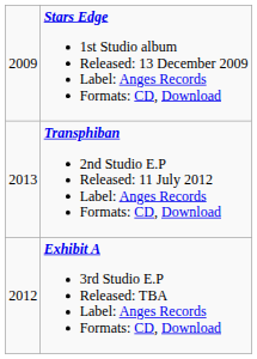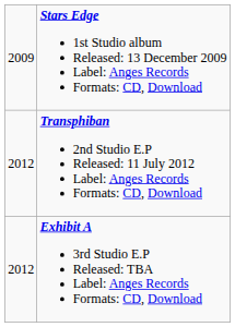 <table class="wikitable" style=text-align:center;>
 <tr>
 <td>2009</td>
 <td align="left"><strong><em><a href='#'>Stars Edge</a></em></strong><br><ul><li>1st Studio album</li><li>Released: 13 December 2009</li><li>Label: <a href='#'>Anges Records</a></li><li>Formats: <a href='#'>CD</a>, <a href='#'>Download</a></li></ul></td>
 </tr>
 <tr #109>
-<td>2013</td>
+<td>2012</td>
 <td align="left"><strong><em><a href='#'>Transphiban</a></em></strong><br><ul><li>2nd Studio E.P</li><li>Released: 11 July 2012</li><li>Label: <a href='#'>Anges Records</a></li><li>Formats: <a href='#'>CD</a>, <a href='#'>Download</a></li></ul></td>
 </tr>
 <tr #104>
 <td>2012</td>
 <td align="left"><strong><em><a href='#'>Exhibit A</a></em></strong><br><ul><li>3rd Studio E.P</li><li>Released: TBA</li><li>Label: <a href='#'>Anges Records</a></li><li>Formats: <a href='#'>CD</a>, <a href='#'>Download</a></li></ul></td>
 </tr>
 </table>
